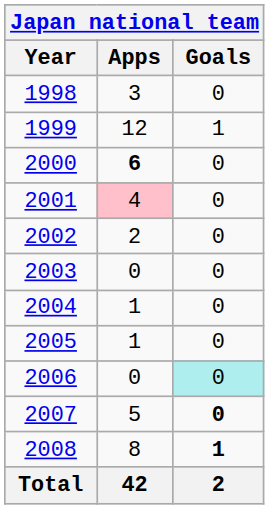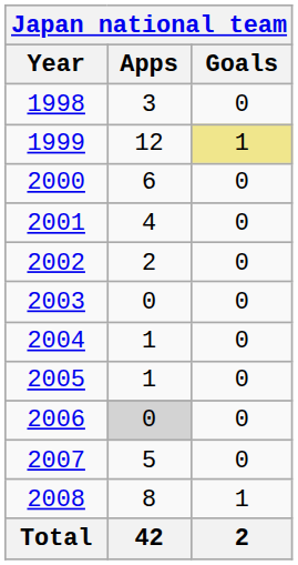 <table class="wikitable" style="text-align:center">
 <tr>
 <th colspan=3><a href='#'>Japan national team</a></th>
 </tr>
 <tr>
 <th>Year</th>
 <th>Apps</th>
 <th>Goals</th>
 </tr>
 <tr>
 <td><a href='#'>1998</a></td>
 <td>3</td>
 <td>0</td>
 </tr>
 <tr>
 <td><a href='#'>1999</a></td>
 <td>12</td>
-<td>1</td>
+<td style="background: khaki;">1</td>
 </tr>
 <tr>
 <td><a href='#'>2000</a></td>
-<td><strong>6</strong></td>
+<td>6</td>
 <td>0</td>
 </tr>
 <tr>
 <td><a href='#'>2001</a></td>
-<td style="background: pink;">4</td>
+<td>4</td>
 <td>0</td>
 </tr>
 <tr>
 <td><a href='#'>2002</a></td>
 <td>2</td>
 <td>0</td>
 </tr>
 <tr>
 <td><a href='#'>2003</a></td>
 <td>0</td>
 <td>0</td>
 </tr>
 <tr>
 <td><a href='#'>2004</a></td>
 <td>1</td>
 <td>0</td>
 </tr>
 <tr>
 <td><a href='#'>2005</a></td>
 <td>1</td>
 <td>0</td>
 </tr>
 <tr>
 <td><a href='#'>2006</a></td>
+<td style="background: lightgrey;">0</td>
 <td>0</td>
-<td style="background: paleturquoise;">0</td>
 </tr>
 <tr>
 <td><a href='#'>2007</a></td>
 <td>5</td>
-<td><strong>0</strong></td>
+<td>0</td>
 </tr>
 <tr>
 <td><a href='#'>2008</a></td>
 <td>8</td>
-<td><strong>1</strong></td>
+<td>1</td>
 </tr>
 <tr>
 <th>Total</th>
 <th>42</th>
 <th>2</th>
 </tr>
 </table>
